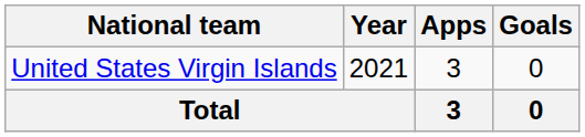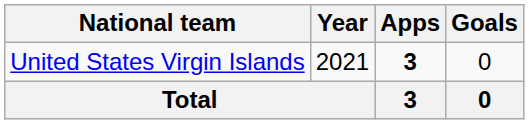 <table class="wikitable" style="text-align:center">
 <tr>
 <th>National team</th>
 <th>Year</th>
 <th>Apps</th>
 <th>Goals</th>
 </tr>
 <tr>
 <td><a href='#'>United States Virgin Islands</a></td>
 <td>2021</td>
-<td>3</td>
+<td><strong>3</strong></td>
 <td>0</td>
 </tr>
 <tr>
 <th colspan=2>Total</th>
 <th>3</th>
 <th>0</th>
 </tr>
 </table>
